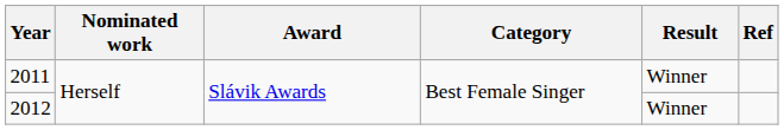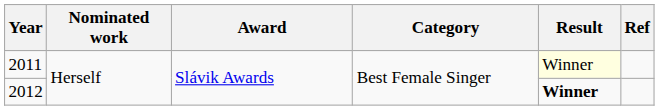 <table class="wikitable">
 <tr>
 <th width="1">Year</th>
 <th width="120">Nominated work</th>
 <th width="200">Award</th>
 <th width="200">Category</th>
 <th width="75">Result</th>
 <th width="1">Ref</th>
 </tr>
 <tr>
 <td>2011</td>
 <td rowspan=2>Herself</td>
 <td rowspan=2><a href='#'>Slávik Awards</a></td>
 <td rowspan=2>Best Female Singer</td>
-<td>Winner</td>
+<td style="background: lightyellow;">Winner</td>
 <td></td>
 </tr>
 <tr>
 <td>2012</td>
-<td>Winner</td>
+<td><strong>Winner</strong></td>
 <td></td>
 </tr>
 </table>
